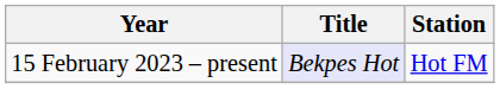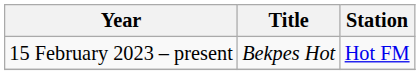 <table class="wikitable">
 <tr>
 <th>Year</th>
 <th>Title</th>
 <th>Station</th>
 </tr>
 <tr>
 <td>15 February 2023 – present</td>
-<td style="background: lavender;"><em>Bekpes Hot</em></td>
+<td><em>Bekpes Hot</em></td>
 <td><a href='#'>Hot FM</a></td>
 </tr>
 <tr>
 </tr>
 </table>
